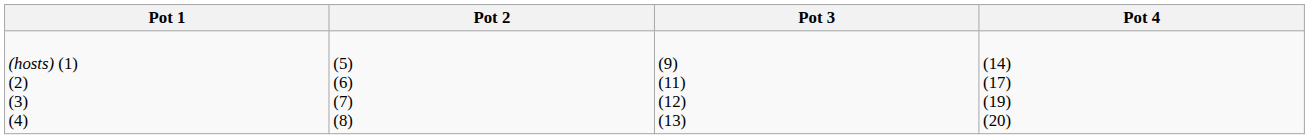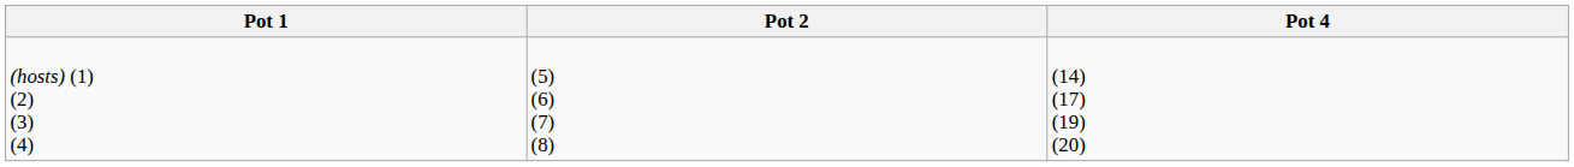 <table class="wikitable" style="width:98%">
 <tr>
 <th width=25%>Pot 1</th>
 <th width=25%>Pot 2</th>
-<th width=25%>Pot 3</th>
 <th width=25%>Pot 4</th>
 </tr>
 <tr>
 <td><br> <em>(hosts)</em> (1) <br>  (2) <br>  (3) <br>  (4)</td>
 <td><br> (5) <br>  (6) <br>  (7) <br>  (8)</td>
-<td><br> (9) <br>  (11) <br>  (12) <br>  (13)</td>
 <td><br> (14) <br>  (17) <br>  (19) <br>  (20)</td>
 </tr>
 </table>
